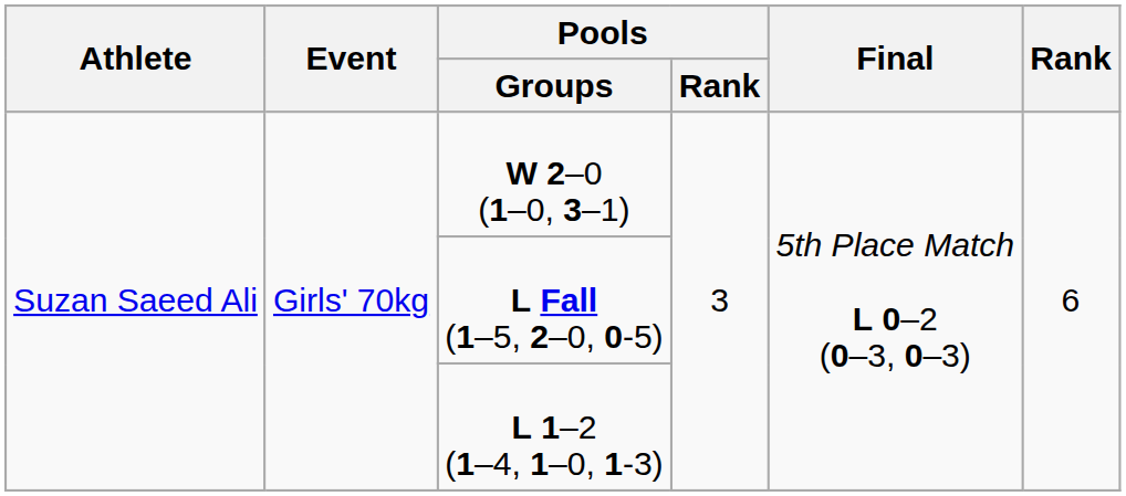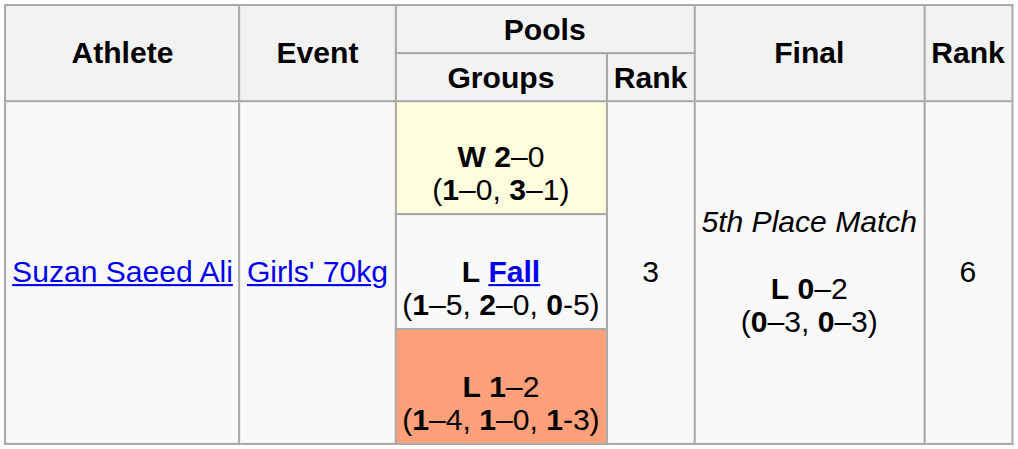 <table class="wikitable" style="text-align:left; font-size:90%">
 <tr>
 <th rowspan="2">Athlete</th>
 <th rowspan="2">Event</th>
 <th colspan="2">Pools</th>
 <th rowspan="2">Final</th>
 <th rowspan="2">Rank</th>
 </tr>
 <tr>
 <th>Groups</th>
 <th>Rank</th>
 </tr>
 <tr>
 <td rowspan="3"><a href='#'>Suzan Saeed Ali</a></td>
 <td rowspan="3"><a href='#'>Girls' 70kg</a></td>
-<td align=center><br><strong>W</strong> <strong>2</strong>–0<br>(<strong>1</strong>–0, <strong>3</strong>–1)</td>
+<td align=center style="background: lightyellow;"><br><strong>W</strong> <strong>2</strong>–0<br>(<strong>1</strong>–0, <strong>3</strong>–1)</td>
 <td rowspan="3" align=center>3</td>
 <td align=center rowspan=3><em>5th Place Match</em><br><br><strong>L</strong> <strong>0</strong>–2<br>(<strong>0</strong>–3, <strong>0</strong>–3)</td>
 <td rowspan="3" align="center">6</td>
 </tr>
 <tr>
 <td align=center><br><strong>L</strong> <strong><a href='#'>Fall</a></strong><br>(<strong>1</strong>–5, <strong>2</strong>–0, <strong>0</strong>-5)</td>
 </tr>
 <tr>
-<td align=center><br><strong>L</strong> <strong>1</strong>–2<br>(<strong>1</strong>–4, <strong>1</strong>–0, <strong>1</strong>-3)</td>
+<td align=center style="background: lightsalmon;"><br><strong>L</strong> <strong>1</strong>–2<br>(<strong>1</strong>–4, <strong>1</strong>–0, <strong>1</strong>-3)</td>
 </tr>
 </table>
